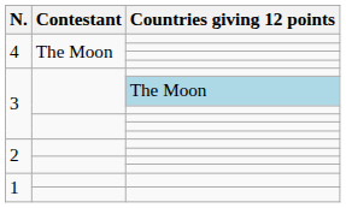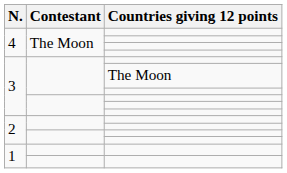 <table class="wikitable">
 <tr>
 <th>N.</th>
 <th>Contestant</th>
 <th>Countries giving 12 points</th>
 </tr>
 <tr>
 <td rowspan="4">4</td>
 <td rowspan="4"> The Moon</td>
 <td></td>
 </tr>
 <tr>
 <td></td>
 </tr>
 <tr>
 <td></td>
 </tr>
 <tr>
 <td></td>
 </tr>
 <tr>
 <td rowspan="6">3</td>
 <td rowspan="3"></td>
 <td></td>
 </tr>
 <tr>
-<td style="background: lightblue;"> The Moon</td>
+<td> The Moon</td>
 </tr>
 <tr>
 <td></td>
 </tr>
 <tr>
 <td rowspan="3"></td>
 <td></td>
 </tr>
 <tr>
 <td></td>
 </tr>
 <tr>
 <td></td>
 </tr>
 <tr>
 <td rowspan="4">2</td>
 <td rowspan="2"></td>
 <td></td>
 </tr>
 <tr>
 <td></td>
 </tr>
 <tr>
 <td rowspan="2"></td>
 <td></td>
 </tr>
 <tr>
 <td></td>
 </tr>
 <tr>
 <td rowspan="2">1</td>
 <td></td>
 <td></td>
 </tr>
 <tr>
 <td></td>
 <td></td>
 </tr>
 </table>
